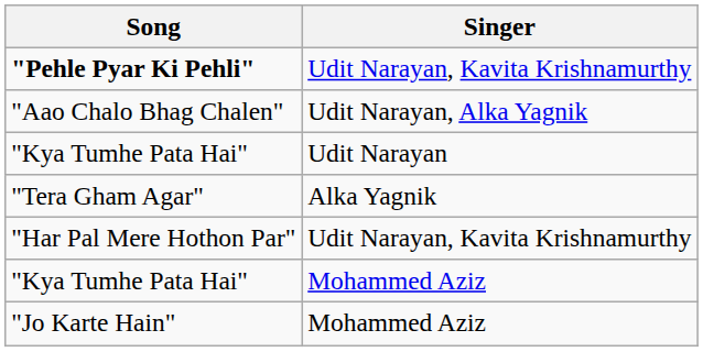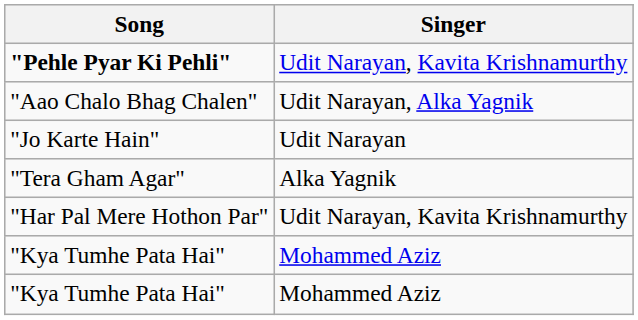 <table class="wikitable" style="font-size:95%;">
 <tr>
 <th>Song</th>
 <th>Singer</th>
 </tr>
 <tr>
 <td><strong>"Pehle Pyar Ki Pehli"</strong></td>
 <td><a href='#'>Udit Narayan</a>, <a href='#'>Kavita Krishnamurthy</a></td>
 </tr>
 <tr>
 <td>"Aao Chalo Bhag Chalen"</td>
 <td>Udit Narayan, <a href='#'>Alka Yagnik</a></td>
 </tr>
 <tr>
-<td>"Kya Tumhe Pata Hai"</td>
+<td>"Jo Karte Hain"</td>
 <td>Udit Narayan</td>
 </tr>
 <tr>
 <td>"Tera Gham Agar"</td>
 <td>Alka Yagnik</td>
 </tr>
 <tr>
 <td>"Har Pal Mere Hothon Par"</td>
 <td>Udit Narayan, Kavita Krishnamurthy</td>
 </tr>
 <tr>
 <td>"Kya Tumhe Pata Hai"</td>
 <td><a href='#'>Mohammed Aziz</a></td>
 </tr>
 <tr>
-<td>"Jo Karte Hain"</td>
+<td>"Kya Tumhe Pata Hai"</td>
 <td>Mohammed Aziz</td>
 </tr>
 </table>
